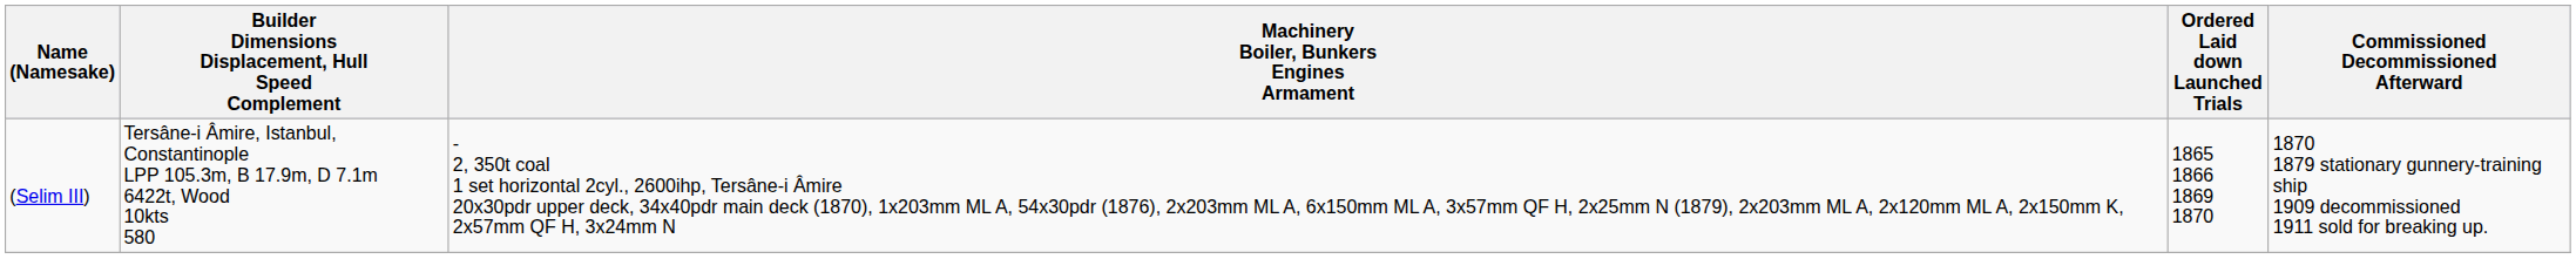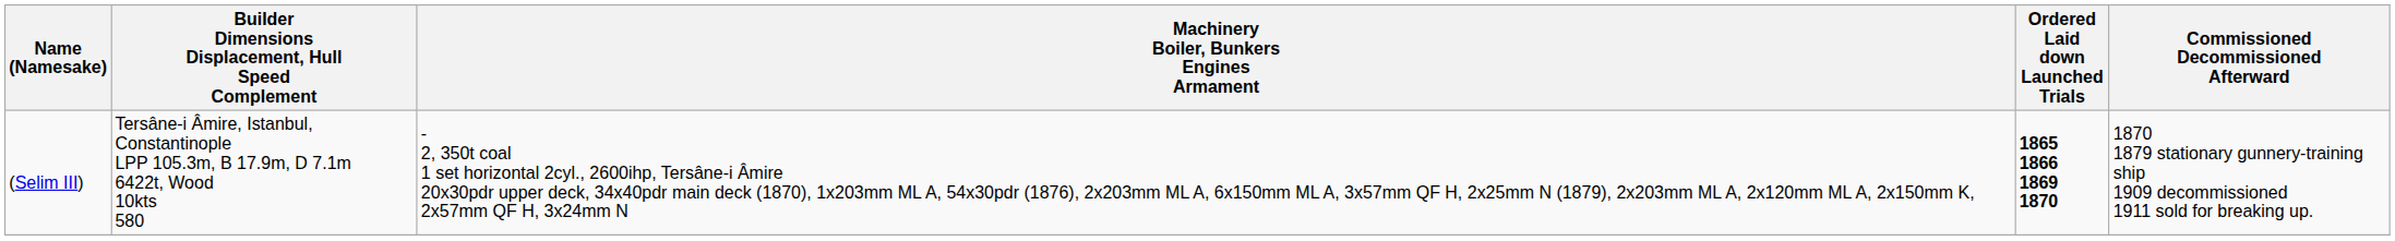 <table class="wikitable" style="font-size:90%;">
 <tr bgcolor="#e6e9ff">
 <th>Name<br>(Namesake)</th>
 <th>Builder<br>Dimensions<br>Displacement, Hull<br>Speed<br>Complement</th>
 <th>Machinery<br>Boiler, Bunkers<br>Engines<br>Armament</th>
 <th>Ordered<br>Laid down<br>Launched<br>Trials</th>
 <th>Commissioned<br>Decommissioned<br>Afterward</th>
 </tr>
 <tr ---->
 <td><br>(<a href='#'>Selim III</a>)</td>
 <td> Tersâne-i Âmire, Istanbul, Constantinople<br>LPP 105.3m, B 17.9m, D 7.1m<br>6422t, Wood<br>10kts<br>580</td>
 <td>-<br>2, 350t coal<br>1 set horizontal 2cyl., 2600ihp, Tersâne-i Âmire<br>20x30pdr upper deck, 34x40pdr main deck (1870), 1x203mm ML A, 54x30pdr (1876), 2x203mm ML A, 6x150mm ML A, 3x57mm QF H, 2x25mm N (1879), 2x203mm ML A, 2x120mm ML A, 2x150mm K, 2x57mm QF H, 3x24mm N</td>
-<td>1865<br>1866<br>1869<br>1870</td>
+<td><strong>1865<br>1866<br>1869<br>1870</strong></td>
 <td>1870<br>1879 stationary gunnery-training ship<br>1909 decommissioned<br>1911 sold for breaking up.</td>
 </tr>
 <tr ---->
 </tr>
 </table>
